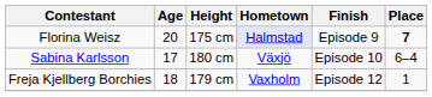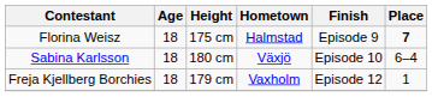 <table class="wikitable" style="text-align:center;">
 <tr>
 <th colspan="1">Contestant</th>
 <th colspan="1">Age</th>
 <th colspan="1">Height</th>
 <th colspan="1">Hometown</th>
 <th colspan="1">Finish</th>
 <th>Place</th>
 </tr>
 <tr>
 <td>Florina Weisz</td>
-<td>20</td>
+<td>18</td>
 <td>175 cm</td>
-<td style="background: lavender;"><a href='#'>Halmstad</a></td>
+<td><a href='#'>Halmstad</a></td>
 <td>Episode 9</td>
 <td><strong>7</strong></td>
 </tr>
 <tr>
 <td><a href='#'>Sabina Karlsson</a></td>
-<td>17</td>
+<td>18</td>
 <td>180 cm</td>
 <td><a href='#'>Växjö</a></td>
 <td>Episode 10</td>
 <td>6–4</td>
 </tr>
 <tr>
 <td>Freja Kjellberg Borchies</td>
 <td>18</td>
 <td>179 cm</td>
 <td><a href='#'>Vaxholm</a></td>
 <td>Episode 12</td>
 <td>1</td>
 </tr>
 <tr>
 </tr>
 </table>
